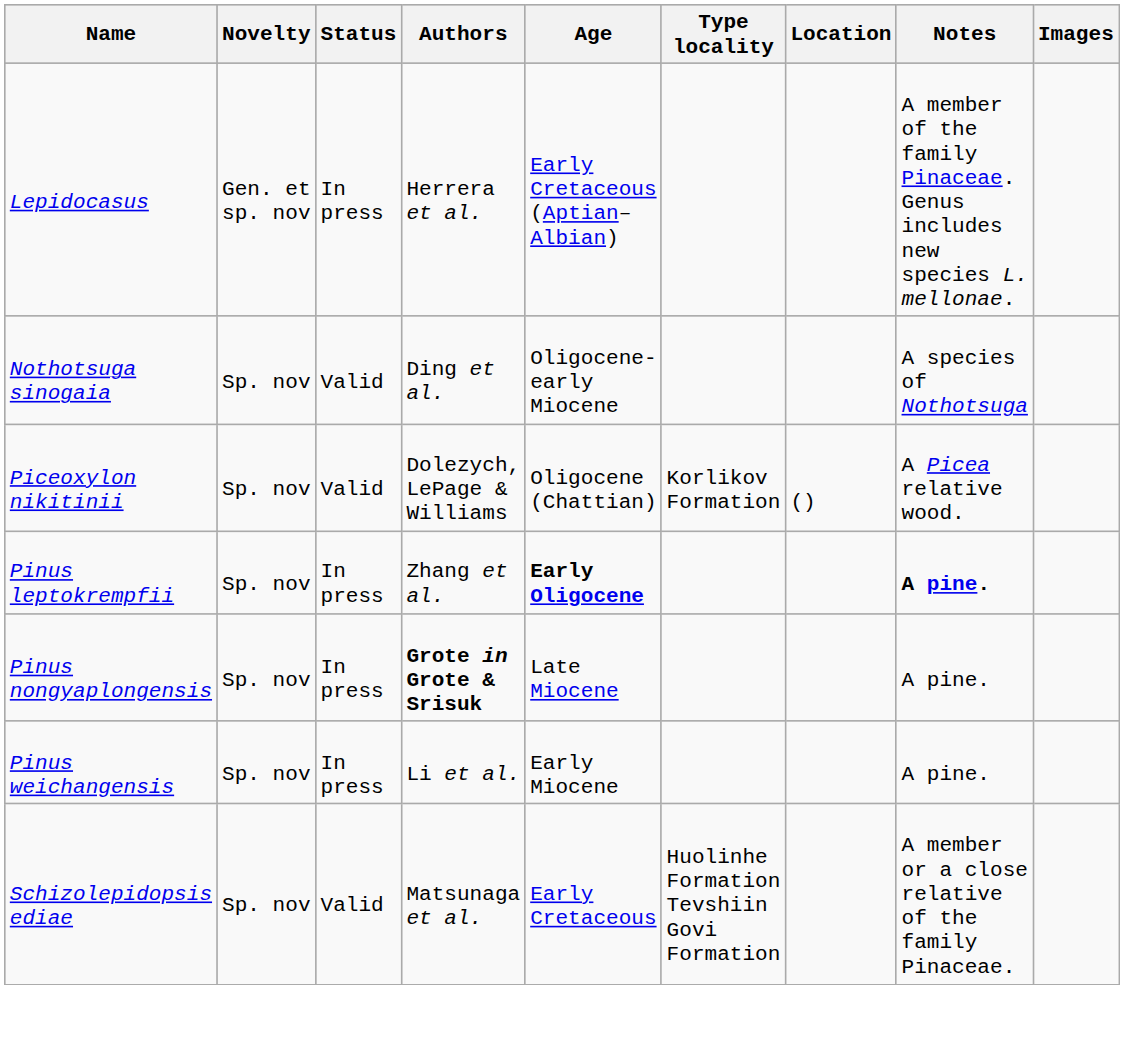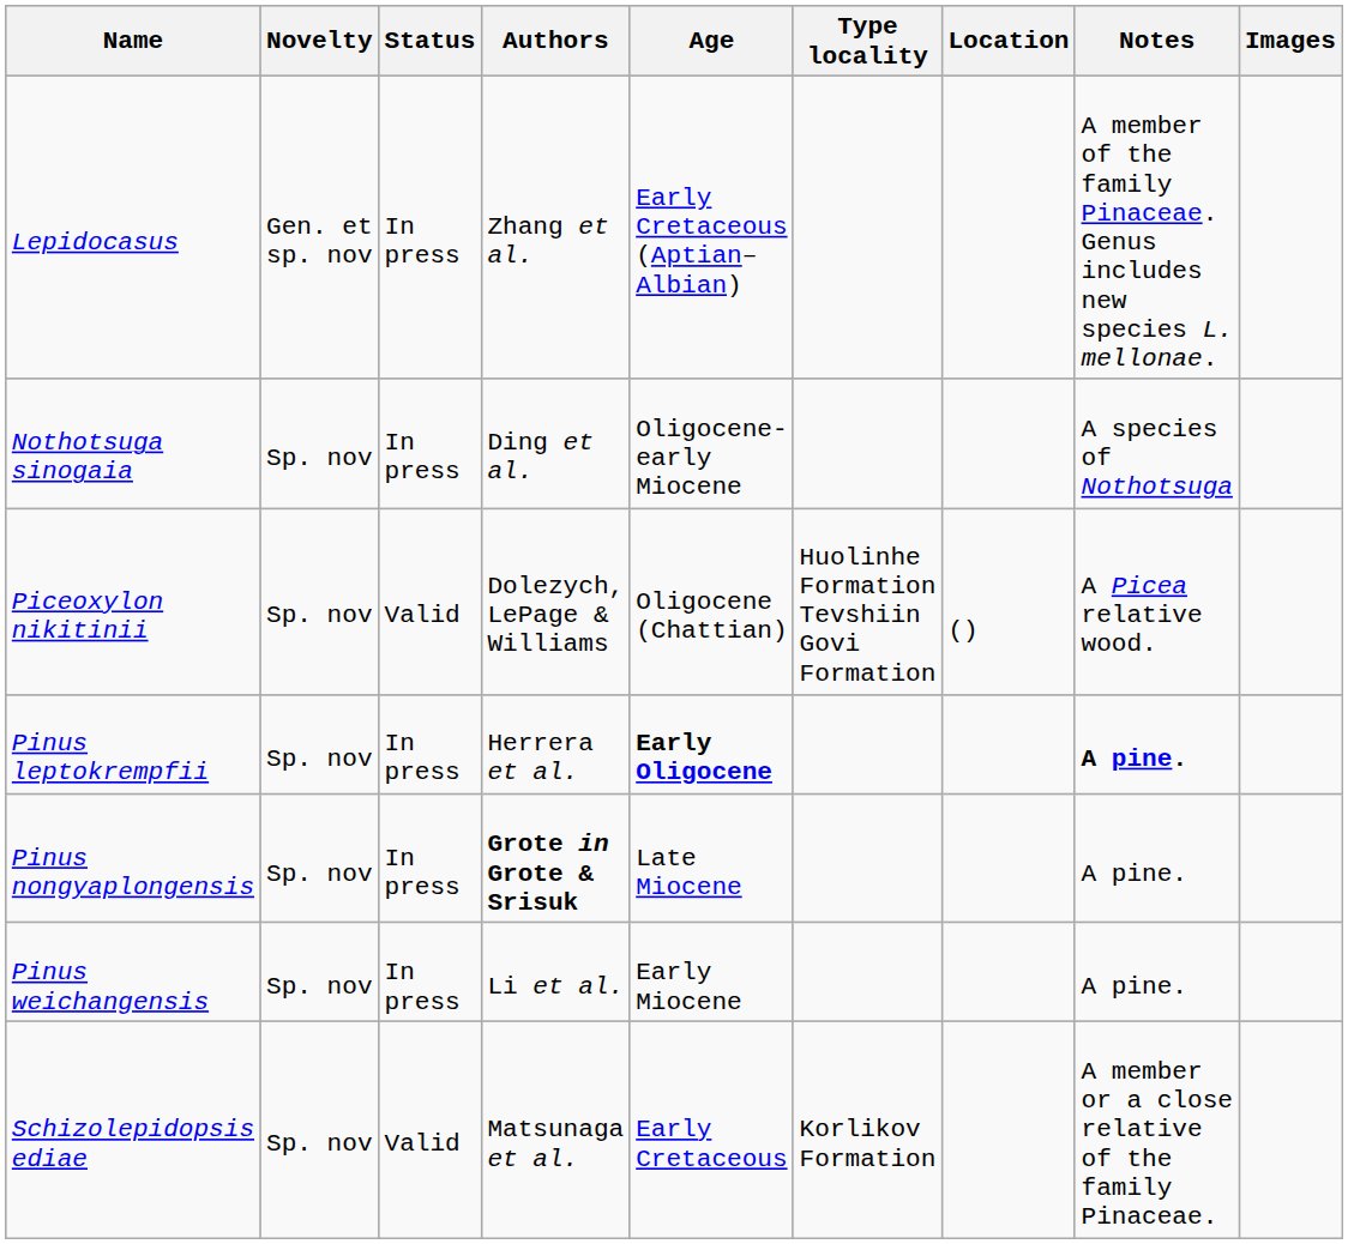 <table class="wikitable sortable" align="center" width="100%">
 <tr>
 <th>Name</th>
 <th>Novelty</th>
 <th>Status</th>
 <th>Authors</th>
 <th>Age</th>
 <th>Type locality</th>
 <th>Location</th>
 <th>Notes</th>
 <th>Images</th>
 </tr>
 <tr>
 <td><br><em><a href='#'>Lepidocasus</a></em></td>
 <td><br>Gen. et sp. nov</td>
 <td><br>In press</td>
-<td><br>Herrera <em>et al.</em></td>
+<td><br>Zhang <em>et al.</em></td>
 <td><br><a href='#'>Early Cretaceous</a> (<a href='#'>Aptian</a>–<a href='#'>Albian</a>)</td>
 <td></td>
 <td><br></td>
 <td><br>A member of the family <a href='#'>Pinaceae</a>. Genus includes new species <em>L. mellonae</em>.</td>
 <td></td>
 </tr>
 <tr>
 <td><br><em><a href='#'>Nothotsuga sinogaia</a></em></td>
 <td><br>Sp. nov</td>
-<td><br>Valid</td>
+<td><br>In press</td>
 <td><br>Ding <em>et al.</em></td>
 <td><br>Oligocene-early Miocene</td>
 <td></td>
 <td><br></td>
 <td><br>A species of <em><a href='#'>Nothotsuga</a></em></td>
 <td></td>
 </tr>
 <tr>
 <td><br><em><a href='#'>Piceoxylon nikitinii</a></em></td>
 <td><br>Sp. nov</td>
 <td><br>Valid</td>
 <td><br>Dolezych, LePage & Williams</td>
 <td><br>Oligocene (Chattian)</td>
-<td><br>Korlikov Formation</td>
+<td><br>Huolinhe Formation<br> Tevshiin Govi Formation</td>
 <td><br><br>()</td>
 <td><br>A <em><a href='#'>Picea</a></em> relative wood.</td>
 <td></td>
 </tr>
 <tr>
 <td><br><em><a href='#'>Pinus leptokrempfii</a></em></td>
 <td><br>Sp. nov</td>
 <td><br>In press</td>
-<td><br>Zhang <em>et al.</em></td>
+<td><br>Herrera <em>et al.</em></td>
 <td><strong><br>Early <a href='#'>Oligocene</a></strong></td>
 <td></td>
 <td><br></td>
 <td><strong><br>A <a href='#'>pine</a>.</strong></td>
 <td></td>
 </tr>
 <tr>
 <td><br><em><a href='#'>Pinus nongyaplongensis</a></em></td>
 <td><br>Sp. nov</td>
 <td><br>In press</td>
 <td><strong><br>Grote <em>in</em> Grote & Srisuk</strong></td>
 <td><br>Late <a href='#'>Miocene</a></td>
 <td></td>
 <td><br></td>
 <td><br>A pine.</td>
 <td></td>
 </tr>
 <tr>
 <td><br><em><a href='#'>Pinus weichangensis</a></em></td>
 <td><br>Sp. nov</td>
 <td><br>In press</td>
 <td><br>Li <em>et al.</em></td>
 <td><br>Early Miocene</td>
 <td></td>
 <td><br></td>
 <td><br>A pine.</td>
 <td></td>
 </tr>
 <tr>
 <td><br><em><a href='#'>Schizolepidopsis ediae</a></em></td>
 <td><br>Sp. nov</td>
 <td><br>Valid</td>
 <td><br>Matsunaga <em>et al.</em></td>
 <td><br><a href='#'>Early Cretaceous</a></td>
-<td><br>Huolinhe Formation<br> Tevshiin Govi Formation</td>
+<td><br>Korlikov Formation</td>
 <td><br><br> </td>
 <td><br>A member or a close relative of the family Pinaceae.</td>
 <td></td>
 </tr>
 <tr>
 </tr>
 </table>
